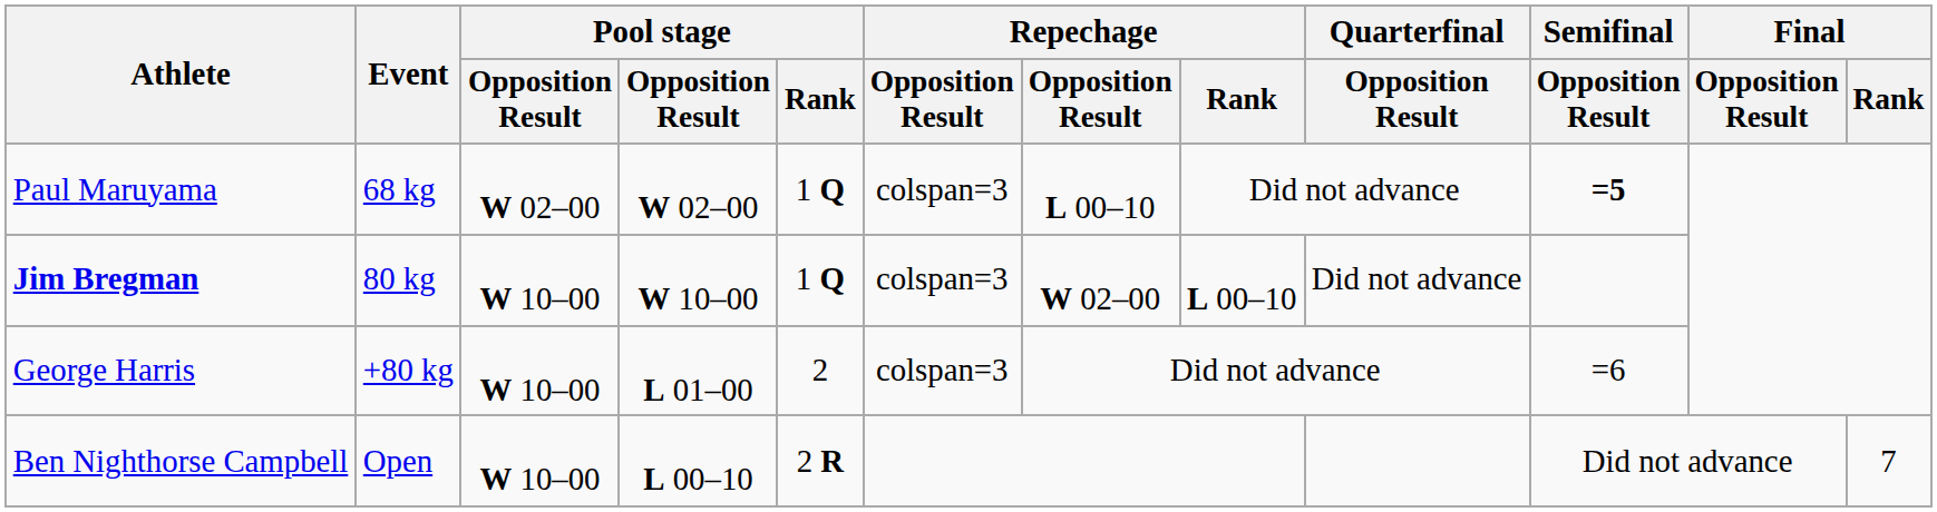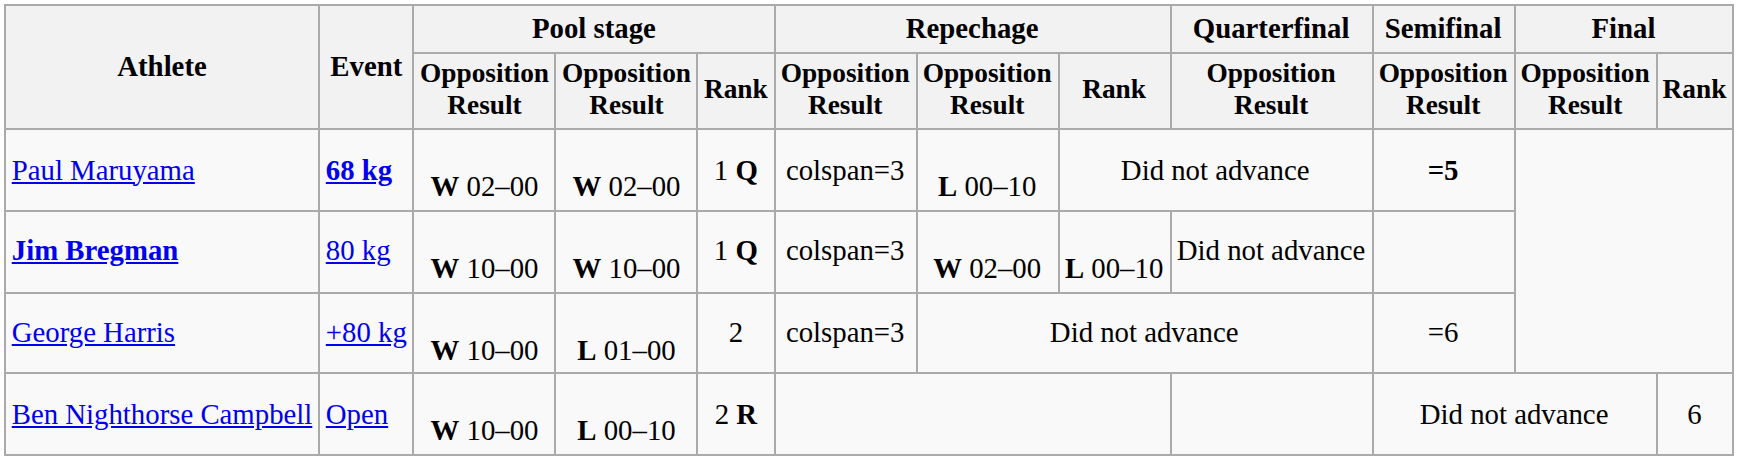 <table class=wikitable style=font-size:90%;text-align:center>
 <tr>
 <th rowspan=2>Athlete</th>
 <th rowspan=2>Event</th>
 <th colspan=3>Pool stage</th>
 <th colspan=3>Repechage</th>
 <th>Quarterfinal</th>
 <th>Semifinal</th>
 <th colspan=2>Final</th>
 </tr>
 <tr style=font-size:95%>
 <th>Opposition<br>Result</th>
 <th>Opposition<br>Result</th>
 <th>Rank</th>
 <th>Opposition<br>Result</th>
 <th>Opposition<br>Result</th>
 <th>Rank</th>
 <th>Opposition<br>Result</th>
 <th>Opposition<br>Result</th>
 <th>Opposition<br>Result</th>
 <th>Rank</th>
 </tr>
 <tr>
 <td align=left><a href='#'>Paul Maruyama</a></td>
-<td align=left><a href='#'>68 kg</a></td>
+<td align=left><strong><a href='#'>68 kg</a></strong></td>
 <td><br><strong>W</strong> 02–00</td>
 <td><br><strong>W</strong> 02–00</td>
 <td>1 <strong>Q</strong></td>
 <td>colspan=3 </td>
 <td><br><strong>L</strong> 00–10</td>
 <td colspan=2>Did not advance</td>
 <td><strong>=5</strong></td>
 </tr>
 <tr>
 <td align=left><strong><a href='#'>Jim Bregman</a></strong></td>
 <td align=left><a href='#'>80 kg</a></td>
 <td><br><strong>W</strong> 10–00</td>
 <td><br><strong>W</strong> 10–00</td>
 <td>1 <strong>Q</strong></td>
 <td>colspan=3 </td>
 <td><br><strong>W</strong> 02–00</td>
 <td><br><strong>L</strong> 00–10</td>
 <td>Did not advance</td>
 <td></td>
 </tr>
 <tr>
 <td align=left><a href='#'>George Harris</a></td>
 <td align=left><a href='#'>+80 kg</a></td>
 <td><br><strong>W</strong> 10–00</td>
 <td><br><strong>L</strong> 01–00</td>
 <td>2</td>
 <td>colspan=3 </td>
 <td colspan=3>Did not advance</td>
 <td>=6</td>
 </tr>
 <tr>
 <td align=left><a href='#'>Ben Nighthorse Campbell</a></td>
 <td align=left><a href='#'>Open</a></td>
 <td><br><strong>W</strong> 10–00</td>
 <td><br><strong>L</strong> 00–10</td>
 <td>2 <strong>R</strong></td>
 <td colspan=3></td>
 <td></td>
 <td colspan=2>Did not advance</td>
-<td>7</td>
+<td>6</td>
 </tr>
 </table>
